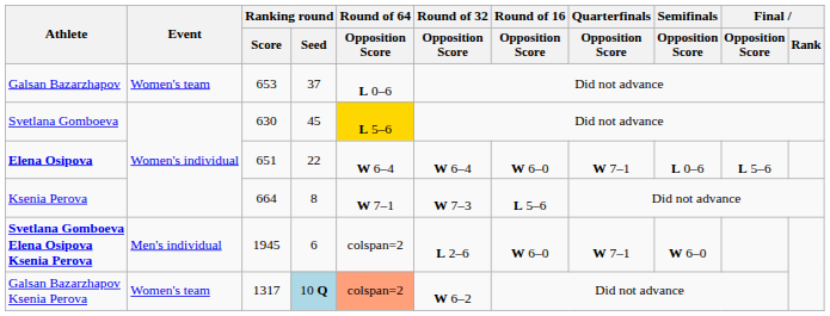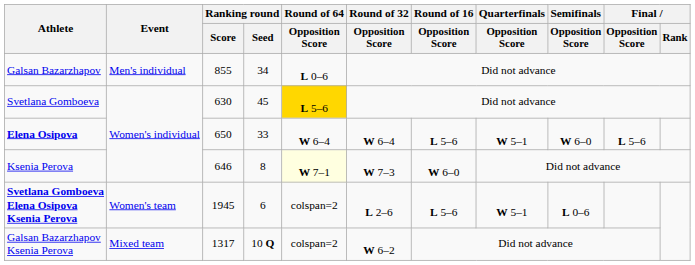 <table class="wikitable" style="text-align:center; font-size:90%">
 <tr>
 <th rowspan=2>Athlete</th>
 <th rowspan=2>Event</th>
 <th colspan=2>Ranking round</th>
 <th>Round of 64</th>
 <th>Round of 32</th>
 <th>Round of 16</th>
 <th>Quarterfinals</th>
 <th>Semifinals</th>
 <th colspan=2>Final / </th>
 </tr>
 <tr style="font-size:95%">
 <th>Score</th>
 <th>Seed</th>
 <th>Opposition<br>Score</th>
 <th>Opposition<br>Score</th>
 <th>Opposition<br>Score</th>
 <th>Opposition<br>Score</th>
 <th>Opposition<br>Score</th>
 <th>Opposition<br>Score</th>
 <th>Rank</th>
 </tr>
 <tr>
 <td align=left><a href='#'>Galsan Bazarzhapov</a></td>
-<td align=left><a href='#'>Women's team</a></td>
-<td>653</td>
-<td>37</td>
+<td align=left><a href='#'>Men's individual</a></td>
+<td>855</td>
+<td>34</td>
 <td><br><strong>L</strong> 0–6</td>
 <td colspan=6>Did not advance</td>
 </tr>
 <tr>
 <td align=left><a href='#'>Svetlana Gomboeva</a></td>
 <td align=left rowspan=3><a href='#'>Women's individual</a></td>
 <td>630</td>
 <td>45</td>
 <td style="background: gold;"><br><strong>L</strong> 5–6</td>
 <td colspan=6>Did not advance</td>
 </tr>
 <tr>
 <td align=left><strong><a href='#'>Elena Osipova</a></strong></td>
-<td>651</td>
-<td>22</td>
+<td>650</td>
+<td>33</td>
 <td><br><strong>W</strong> 6–4</td>
 <td><br><strong>W</strong> 6–4</td>
+<td><br> <strong>L</strong> 5–6</td>
+<td><br><strong>W</strong> 5–1</td>
 <td><br><strong>W</strong> 6–0</td>
-<td><br><strong>W</strong> 7–1</td>
-<td><br><strong>L</strong> 0–6</td>
 <td><br><strong>L</strong> 5–6</td>
 <td></td>
 </tr>
 <tr>
 <td align=left><a href='#'>Ksenia Perova</a></td>
-<td>664</td>
+<td>646</td>
 <td>8</td>
-<td><br><strong>W</strong> 7–1</td>
+<td style="background: lightyellow;"><br><strong>W</strong> 7–1</td>
 <td><br> <strong>W</strong> 7–3</td>
-<td><br> <strong>L</strong> 5–6</td>
+<td><br><strong>W</strong> 6–0</td>
 <td colspan=4>Did not advance</td>
 </tr>
 <tr>
 <td align=left><strong><a href='#'>Svetlana Gomboeva</a><br><a href='#'>Elena Osipova</a><br><a href='#'>Ksenia Perova</a></strong></td>
-<td align=left><a href='#'>Men's individual</a></td>
+<td align=left><a href='#'>Women's team</a></td>
 <td>1945</td>
 <td>6</td>
 <td>colspan=2 </td>
 <td><br><strong>L</strong> 2–6</td>
-<td><br><strong>W</strong> 6–0</td>
-<td><br><strong>W</strong> 7–1</td>
-<td><br><strong>W</strong> 6–0</td>
+<td><br> <strong>L</strong> 5–6</td>
+<td><br><strong>W</strong> 5–1</td>
+<td><br><strong>L</strong> 0–6</td>
 <td></td>
 </tr>
 <tr>
 <td align=left><a href='#'>Galsan Bazarzhapov</a><br><a href='#'>Ksenia Perova</a></td>
-<td align=left><a href='#'>Women's team</a></td>
+<td align=left><a href='#'>Mixed team</a></td>
 <td>1317</td>
-<td style="background: lightblue;">10 <strong>Q</strong></td>
-<td style="background: lightsalmon;">colspan=2 </td>
+<td>10 <strong>Q</strong></td>
+<td>colspan=2 </td>
 <td><br><strong>W</strong> 6–2</td>
 <td colspan=4>Did not advance</td>
 </tr>
 </table>
